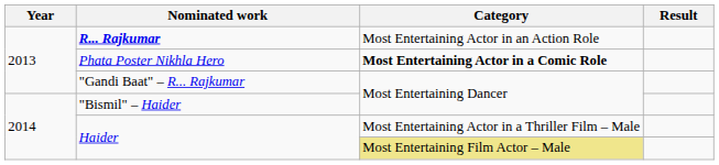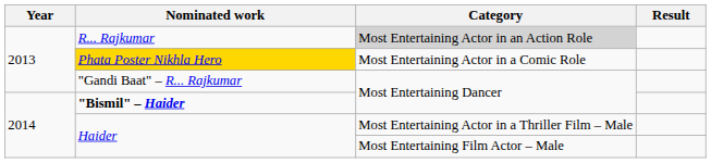 <table class="wikitable">
 <tr>
 <th style="width:10%;">Year</th>
 <th style="width:40%;">Nominated work</th>
 <th style="width:40%;">Category</th>
 <th style="width:15%;">Result</th>
 </tr>
 <tr>
 <td rowspan="3">2013</td>
-<td><strong><em><a href='#'>R... Rajkumar</a></em></strong></td>
-<td>Most Entertaining Actor in an Action Role</td>
+<td><em><a href='#'>R... Rajkumar</a></em></td>
+<td style="background: lightgrey;">Most Entertaining Actor in an Action Role</td>
 <td></td>
 </tr>
 <tr>
-<td><em><a href='#'>Phata Poster Nikhla Hero</a></em></td>
-<td><strong>Most Entertaining Actor in a Comic Role</strong></td>
+<td style="background: gold;"><em><a href='#'>Phata Poster Nikhla Hero</a></em></td>
+<td>Most Entertaining Actor in a Comic Role</td>
 <td></td>
 </tr>
 <tr>
 <td>"Gandi Baat" – <em><a href='#'>R... Rajkumar</a></em></td>
 <td rowspan="2">Most Entertaining Dancer</td>
 <td></td>
 </tr>
 <tr>
 <td rowspan="3">2014</td>
-<td>"Bismil" – <em><a href='#'>Haider</a></em></td>
+<td><strong>"Bismil" – <em><a href='#'>Haider</a></em></strong></td>
 <td></td>
 </tr>
 <tr>
 <td rowspan="2"><em><a href='#'>Haider</a></em></td>
 <td>Most Entertaining Actor in a Thriller Film – Male</td>
 <td></td>
 </tr>
 <tr>
-<td style="background: khaki;">Most Entertaining Film Actor – Male</td>
+<td>Most Entertaining Film Actor – Male</td>
 <td></td>
 </tr>
 </table>
